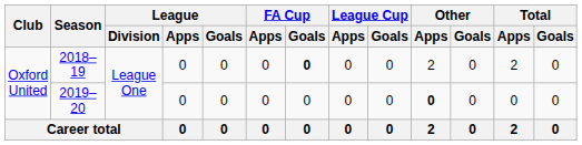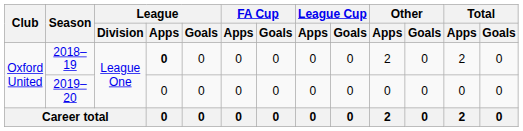 <table class=wikitable style=text-align:center>
 <tr>
 <th rowspan="2">Club</th>
 <th rowspan="2">Season</th>
 <th colspan="3">League</th>
 <th colspan="2"><a href='#'>FA Cup</a></th>
 <th colspan="2"><a href='#'>League Cup</a></th>
 <th colspan="2">Other</th>
 <th colspan="2">Total</th>
 </tr>
 <tr>
 <th>Division</th>
 <th>Apps</th>
 <th>Goals</th>
 <th>Apps</th>
 <th>Goals</th>
 <th>Apps</th>
 <th>Goals</th>
 <th>Apps</th>
 <th>Goals</th>
 <th>Apps</th>
 <th>Goals</th>
 </tr>
 <tr>
 <td rowspan="2"><a href='#'>Oxford United</a></td>
 <td><a href='#'>2018–19</a></td>
 <td rowspan="2"><a href='#'>League One</a></td>
+<td><strong>0</strong></td>
 <td>0</td>
 <td>0</td>
 <td>0</td>
-<td><strong>0</strong></td>
 <td>0</td>
 <td>0</td>
 <td>2</td>
 <td>0</td>
 <td>2</td>
 <td>0</td>
 </tr>
 <tr>
 <td><a href='#'>2019–20</a></td>
 <td>0</td>
 <td>0</td>
 <td>0</td>
 <td>0</td>
 <td>0</td>
 <td>0</td>
-<td><strong>0</strong></td>
+<td>0</td>
 <td>0</td>
 <td>0</td>
 <td>0</td>
 </tr>
 <tr>
 <th colspan="3">Career total</th>
 <th>0</th>
 <th>0</th>
 <th>0</th>
 <th>0</th>
 <th>0</th>
 <th>0</th>
 <th>2</th>
 <th>0</th>
 <th>2</th>
 <th>0</th>
 </tr>
 </table>
